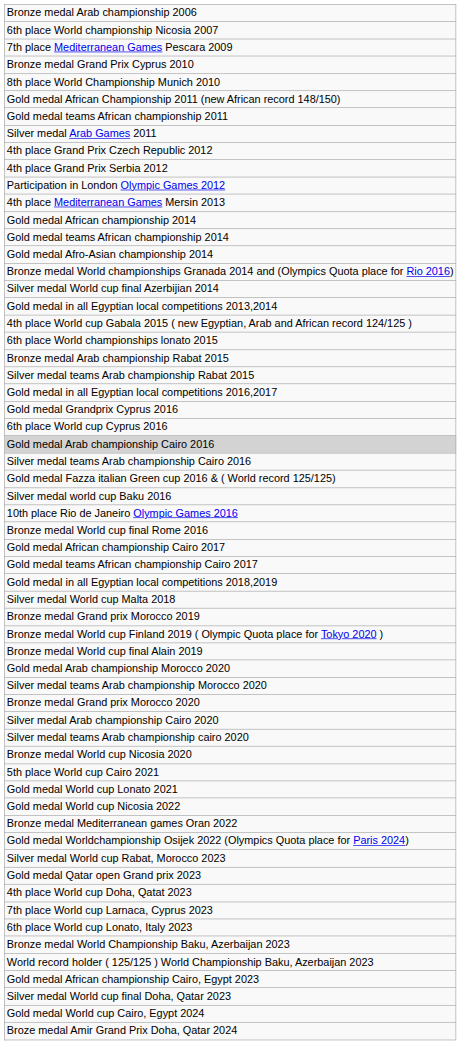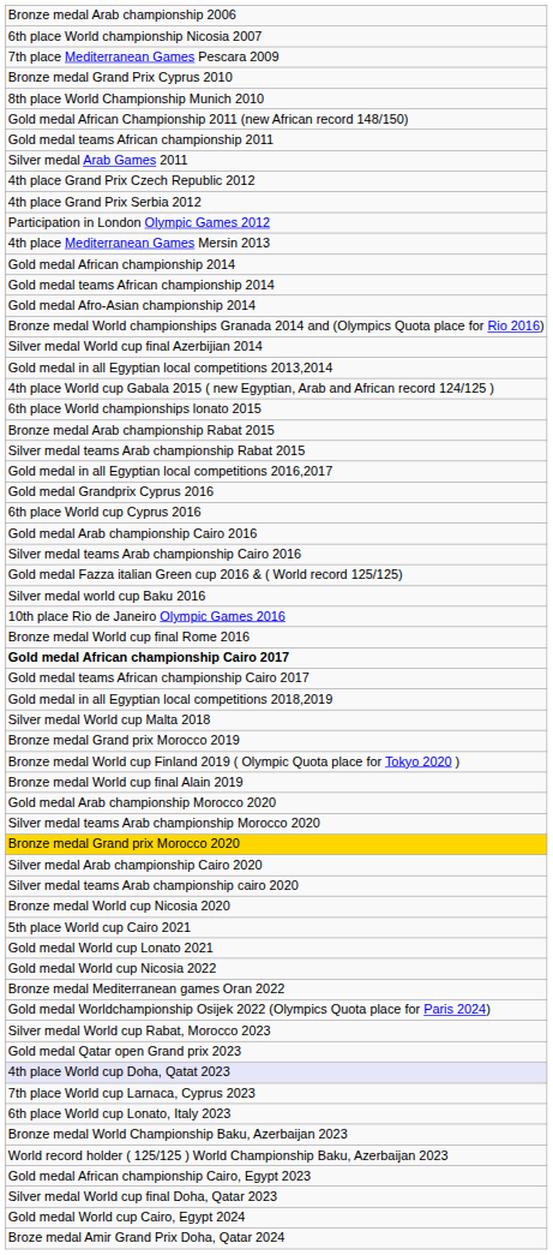 <table class="wikitable">
 <tr>
 <td>Bronze medal Arab championship 2006</td>
 </tr>
 <tr>
 <td>6th place World championship Nicosia 2007</td>
 </tr>
 <tr>
 <td>7th place <a href='#'>Mediterranean Games</a> Pescara 2009</td>
 </tr>
 <tr>
 <td>Bronze medal Grand Prix Cyprus 2010</td>
 </tr>
 <tr>
 <td>8th place World Championship Munich 2010</td>
 </tr>
 <tr>
 <td>Gold medal African Championship 2011 (new African record 148/150)</td>
 </tr>
 <tr>
 <td>Gold medal teams African championship 2011</td>
 </tr>
 <tr>
 <td>Silver medal <a href='#'>Arab Games</a> 2011</td>
 </tr>
 <tr>
 <td>4th place Grand Prix Czech Republic 2012</td>
 </tr>
 <tr>
 <td>4th place Grand Prix Serbia 2012</td>
 </tr>
 <tr>
 <td>Participation in London <a href='#'>Olympic Games 2012</a></td>
 </tr>
 <tr>
 <td>4th place <a href='#'>Mediterranean Games</a> Mersin 2013</td>
 </tr>
 <tr>
 <td>Gold medal African championship 2014</td>
 </tr>
 <tr>
 <td>Gold medal teams African championship 2014</td>
 </tr>
 <tr>
 <td>Gold medal Afro-Asian championship 2014</td>
 </tr>
 <tr>
 <td>Bronze medal World championships Granada 2014 and (Olympics Quota place for <a href='#'>Rio 2016</a>)</td>
 </tr>
 <tr>
 <td>Silver medal World cup final Azerbijian 2014</td>
 </tr>
 <tr>
 <td>Gold medal in all Egyptian local competitions 2013,2014</td>
 </tr>
 <tr>
 <td>4th place World cup Gabala 2015 ( new Egyptian, Arab and African record 124/125 )</td>
 </tr>
 <tr>
 <td>6th place World championships lonato 2015</td>
 </tr>
 <tr>
 <td>Bronze medal Arab championship Rabat 2015</td>
 </tr>
 <tr>
 <td>Silver medal teams Arab championship Rabat 2015</td>
 </tr>
 <tr>
 <td>Gold medal in all Egyptian local competitions 2016,2017</td>
 </tr>
 <tr>
 <td>Gold medal Grandprix Cyprus 2016</td>
 </tr>
 <tr>
 <td>6th place World cup Cyprus 2016</td>
 </tr>
 <tr>
-<td style="background: lightgrey;">Gold medal Arab championship Cairo 2016</td>
+<td>Gold medal Arab championship Cairo 2016</td>
 </tr>
 <tr>
 <td>Silver medal teams Arab championship Cairo 2016</td>
 </tr>
 <tr>
 <td>Gold medal Fazza italian Green cup 2016 & ( World record 125/125)</td>
 </tr>
 <tr>
 <td>Silver medal world cup Baku 2016</td>
 </tr>
 <tr>
 <td>10th place Rio de Janeiro <a href='#'>Olympic Games 2016</a></td>
 </tr>
 <tr>
 <td>Bronze medal World cup final Rome 2016</td>
 </tr>
 <tr>
-<td>Gold medal African championship Cairo 2017</td>
+<td><strong>Gold medal African championship Cairo 2017</strong></td>
 </tr>
 <tr>
 <td>Gold medal teams African championship Cairo 2017</td>
 </tr>
 <tr>
 <td>Gold medal in all Egyptian local competitions 2018,2019</td>
 </tr>
 <tr>
 <td>Silver medal World cup Malta 2018</td>
 </tr>
 <tr>
 <td>Bronze medal Grand prix Morocco 2019</td>
 </tr>
 <tr>
 <td>Bronze medal World cup Finland 2019 ( Olympic Quota place for <a href='#'>Tokyo 2020</a> )</td>
 </tr>
 <tr>
 <td>Bronze medal World cup final Alain 2019</td>
 </tr>
 <tr>
 <td>Gold medal Arab championship Morocco 2020</td>
 </tr>
 <tr>
 <td>Silver medal teams Arab championship Morocco 2020</td>
 </tr>
 <tr>
-<td>Bronze medal Grand prix Morocco 2020</td>
+<td style="background: gold;">Bronze medal Grand prix Morocco 2020</td>
 </tr>
 <tr>
 <td>Silver medal Arab championship Cairo 2020</td>
 </tr>
 <tr>
 <td>Silver medal teams Arab championship cairo 2020</td>
 </tr>
 <tr>
 <td>Bronze medal World cup Nicosia 2020</td>
 </tr>
 <tr>
 <td>5th place World cup Cairo 2021</td>
 </tr>
 <tr>
 <td>Gold medal World cup Lonato 2021</td>
 </tr>
 <tr>
 <td>Gold medal World cup Nicosia 2022</td>
 </tr>
 <tr>
 <td>Bronze medal Mediterranean games Oran 2022</td>
 </tr>
 <tr>
 <td>Gold medal Worldchampionship Osijek 2022 (Olympics Quota place for <a href='#'>Paris 2024</a>)</td>
 </tr>
 <tr>
 <td>Silver medal World cup Rabat, Morocco 2023</td>
 </tr>
 <tr>
 <td>Gold medal Qatar open Grand prix 2023</td>
 </tr>
 <tr>
-<td>4th place World cup Doha, Qatat 2023</td>
+<td style="background: lavender;">4th place World cup Doha, Qatat 2023</td>
 </tr>
 <tr>
 <td>7th place World cup Larnaca, Cyprus 2023</td>
 </tr>
 <tr>
 <td>6th place World cup Lonato, Italy 2023</td>
 </tr>
 <tr>
 <td>Bronze medal World Championship Baku, Azerbaijan 2023</td>
 </tr>
 <tr>
 <td>World record holder ( 125/125 ) World Championship Baku, Azerbaijan 2023</td>
 </tr>
 <tr>
 <td>Gold medal African championship Cairo, Egypt 2023</td>
 </tr>
 <tr>
 <td>Silver medal World cup final Doha, Qatar 2023</td>
 </tr>
 <tr>
 <td>Gold medal World cup Cairo, Egypt 2024</td>
 </tr>
 <tr>
 <td>Broze medal Amir Grand Prix Doha, Qatar 2024</td>
 </tr>
 </table>
